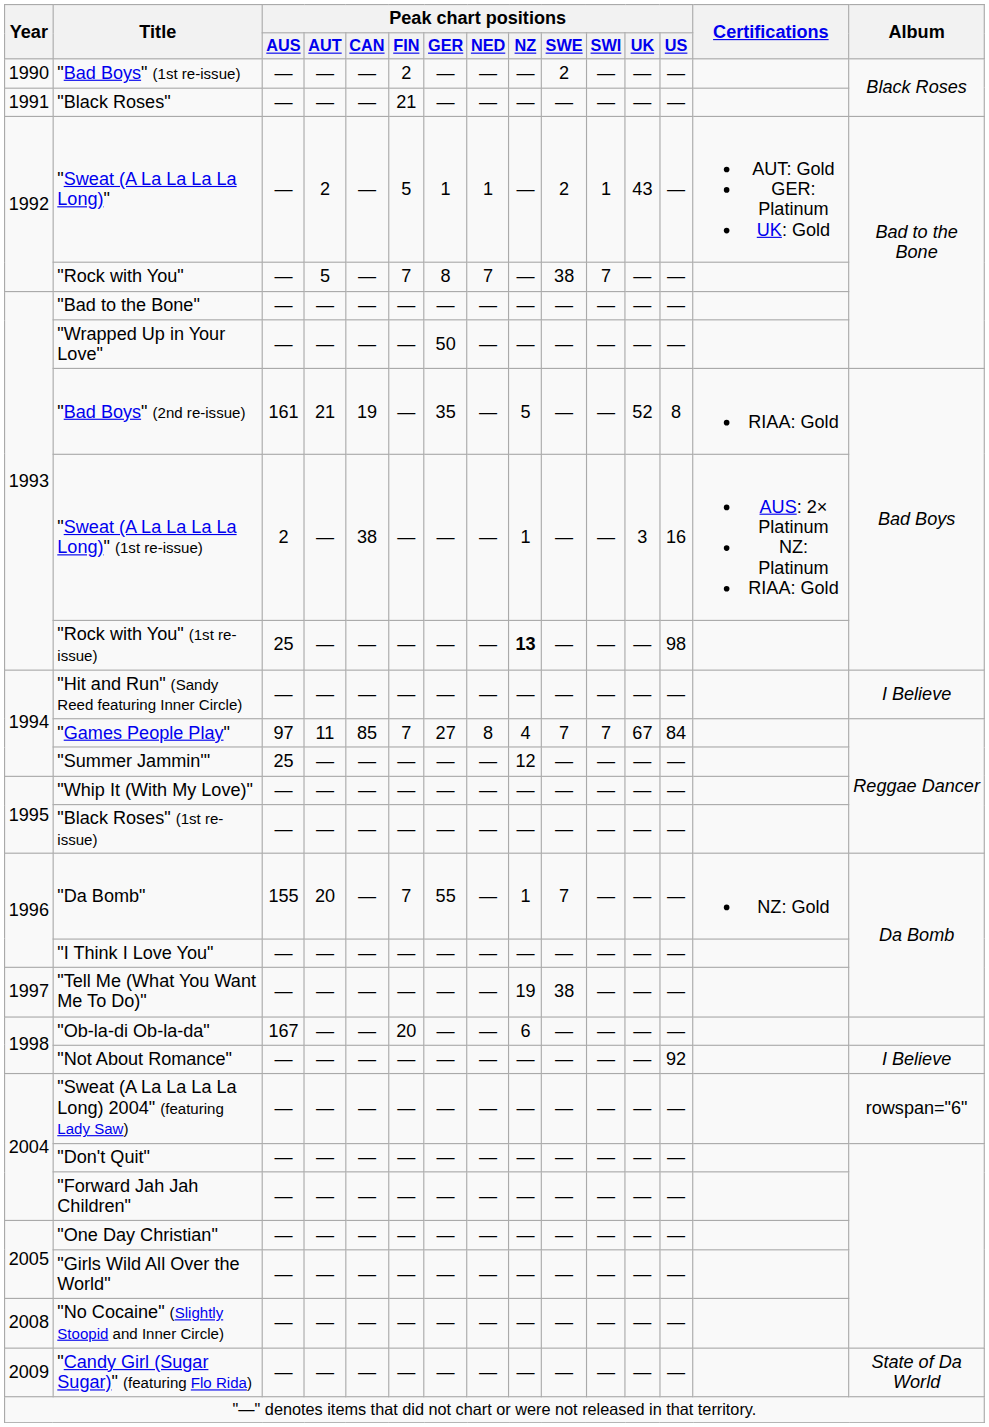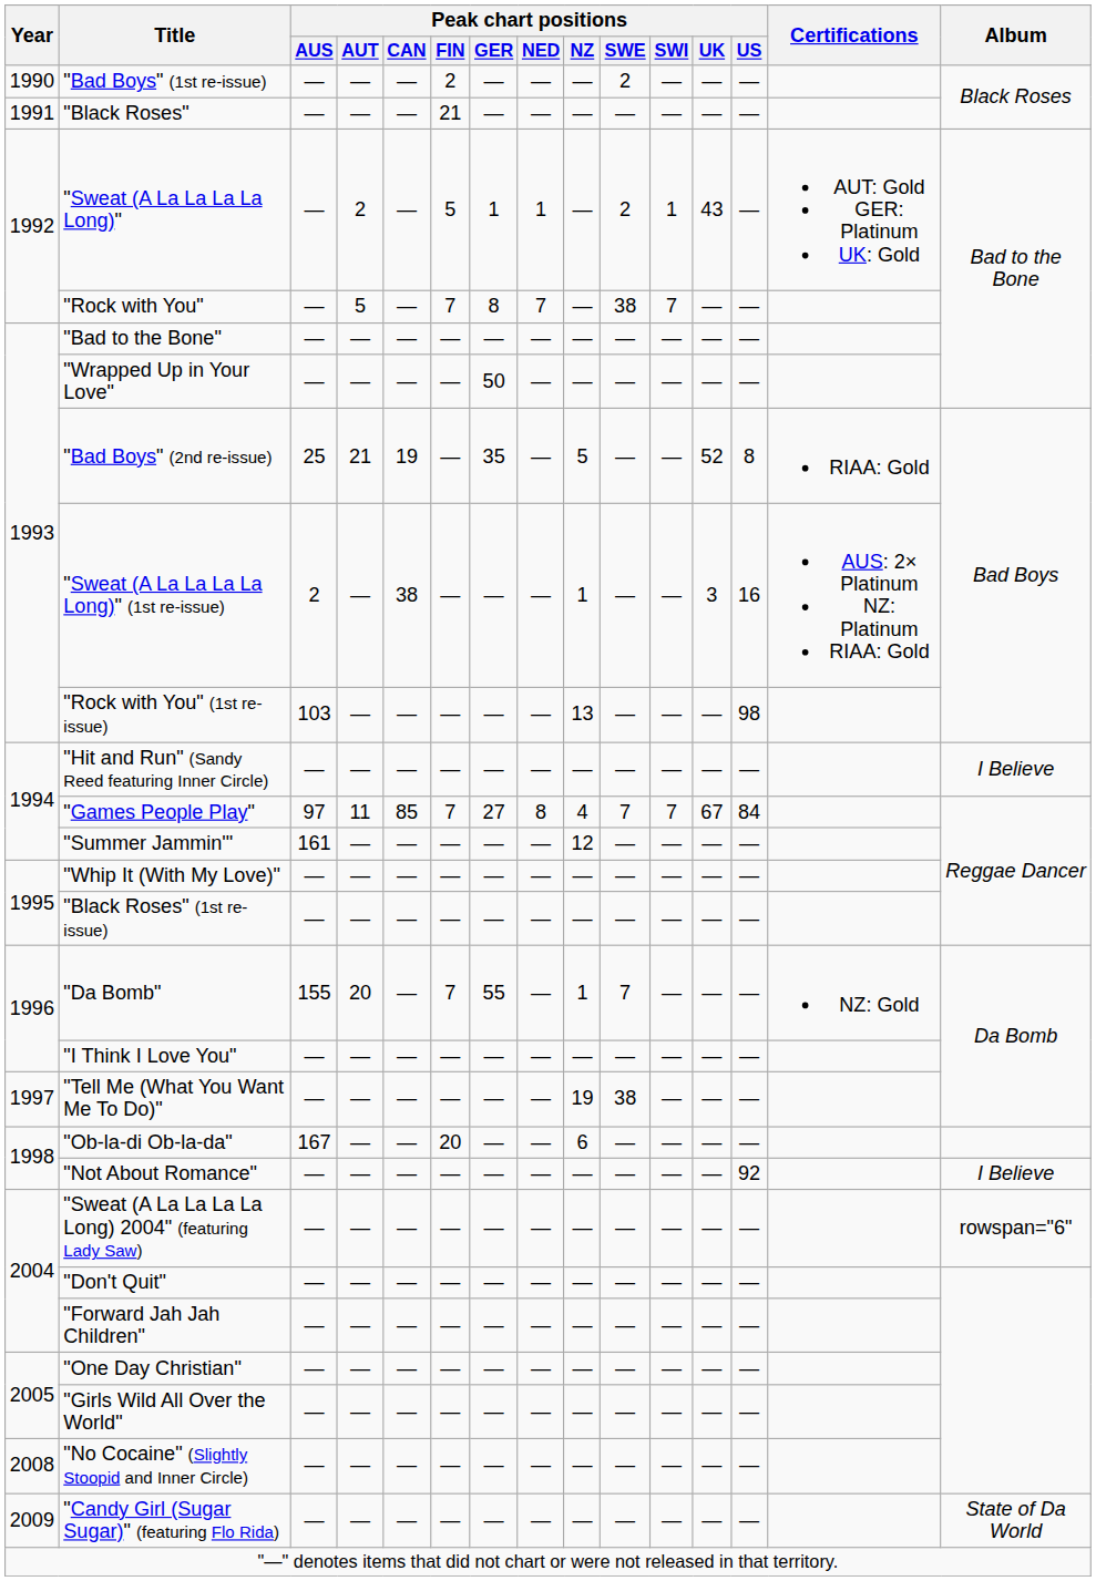 <table class="wikitable" style="text-align:center;">
 <tr>
 <th rowspan="2" style="width:2em;">Year</th>
 <th rowspan="2" style="width:25em;">Title</th>
 <th colspan="11">Peak chart positions</th>
 <th rowspan="2" style="width:12em;"><a href='#'>Certifications</a></th>
 <th rowspan="2" style="width:10em;">Album</th>
 </tr>
 <tr>
 <th style="width:2em;font-size:90%;"><a href='#'>AUS</a><br></th>
 <th style="width:2em;font-size:90%;"><a href='#'>AUT</a><br></th>
 <th style="width:2em;font-size:90%;"><a href='#'>CAN</a><br></th>
 <th style="width:2em;font-size:90%;"><a href='#'>FIN</a><br></th>
 <th style="width:2em;font-size:90%;"><a href='#'>GER</a><br></th>
 <th style="width:2em;font-size:90%;"><a href='#'>NED</a><br></th>
 <th style="width:2em;font-size:90%;"><a href='#'>NZ</a><br></th>
 <th style="width:2em;font-size:90%;"><a href='#'>SWE</a><br></th>
 <th style="width:2em;font-size:90%;"><a href='#'>SWI</a><br></th>
 <th style="width:2em;font-size:90%;"><a href='#'>UK</a><br></th>
 <th style="width:2em;font-size:90%;"><a href='#'>US</a><br></th>
 </tr>
 <tr>
 <td>1990</td>
 <td style="text-align:left;">"<a href='#'>Bad Boys</a>" <small>(1st re-issue)</small></td>
 <td>—</td>
 <td>—</td>
 <td>—</td>
 <td>2</td>
 <td>—</td>
 <td>—</td>
 <td>—</td>
 <td>2</td>
 <td>—</td>
 <td>—</td>
 <td>—</td>
 <td></td>
 <td rowspan="2"><em>Black Roses</em></td>
 </tr>
 <tr>
 <td>1991</td>
 <td style="text-align:left;">"Black Roses"</td>
 <td>—</td>
 <td>—</td>
 <td>—</td>
 <td>21</td>
 <td>—</td>
 <td>—</td>
 <td>—</td>
 <td>—</td>
 <td>—</td>
 <td>—</td>
 <td>—</td>
 <td></td>
 </tr>
 <tr>
 <td rowspan="2">1992</td>
 <td style="text-align:left;">"<a href='#'>Sweat (A La La La La Long)</a>"</td>
 <td>—</td>
 <td>2</td>
 <td>—</td>
 <td>5</td>
 <td>1</td>
 <td>1</td>
 <td>—</td>
 <td>2</td>
 <td>1</td>
 <td>43</td>
 <td>—</td>
 <td><br><ul><li>AUT: Gold</li><li>GER: Platinum</li><li><a href='#'>UK</a>: Gold</li></ul></td>
 <td rowspan="4"><em>Bad to the Bone</em></td>
 </tr>
 <tr>
 <td style="text-align:left;">"Rock with You"</td>
 <td>—</td>
 <td>5</td>
 <td>—</td>
 <td>7</td>
 <td>8</td>
 <td>7</td>
 <td>—</td>
 <td>38</td>
 <td>7</td>
 <td>—</td>
 <td>—</td>
 <td></td>
 </tr>
 <tr>
 <td rowspan="5">1993</td>
 <td style="text-align:left;">"Bad to the Bone"</td>
 <td>—</td>
 <td>—</td>
 <td>—</td>
 <td>—</td>
 <td>—</td>
 <td>—</td>
 <td>—</td>
 <td>—</td>
 <td>—</td>
 <td>—</td>
 <td>—</td>
 <td></td>
 </tr>
 <tr>
 <td style="text-align:left;">"Wrapped Up in Your Love"</td>
 <td>—</td>
 <td>—</td>
 <td>—</td>
 <td>—</td>
 <td>50</td>
 <td>—</td>
 <td>—</td>
 <td>—</td>
 <td>—</td>
 <td>—</td>
 <td>—</td>
 <td></td>
 </tr>
 <tr>
 <td style="text-align:left;">"<a href='#'>Bad Boys</a>" <small>(2nd re-issue)</small></td>
-<td>161</td>
+<td>25</td>
 <td>21</td>
 <td>19</td>
 <td>—</td>
 <td>35</td>
 <td>—</td>
 <td>5</td>
 <td>—</td>
 <td>—</td>
 <td>52</td>
 <td>8</td>
 <td><br><ul><li>RIAA: Gold</li></ul></td>
 <td rowspan="3"><em>Bad Boys</em></td>
 </tr>
 <tr>
 <td style="text-align:left;">"<a href='#'>Sweat (A La La La La Long)</a>" <small>(1st re-issue)</small></td>
 <td>2</td>
 <td>—</td>
 <td>38</td>
 <td>—</td>
 <td>—</td>
 <td>—</td>
 <td>1</td>
 <td>—</td>
 <td>—</td>
 <td>3</td>
 <td>16</td>
 <td><br><ul><li><a href='#'>AUS</a>: 2× Platinum</li><li>NZ: Platinum</li><li>RIAA: Gold</li></ul></td>
 </tr>
 <tr>
 <td style="text-align:left;">"Rock with You" <small>(1st re-issue)</small></td>
-<td>25</td>
+<td>103</td>
 <td>—</td>
 <td>—</td>
 <td>—</td>
 <td>—</td>
 <td>—</td>
-<td><strong>13</strong></td>
+<td>13</td>
 <td>—</td>
 <td>—</td>
 <td>—</td>
 <td>98</td>
 <td></td>
 </tr>
 <tr>
 <td rowspan="3">1994</td>
 <td style="text-align:left;">"Hit and Run" <small>(Sandy Reed featuring Inner Circle)</small></td>
 <td>—</td>
 <td>—</td>
 <td>—</td>
 <td>—</td>
 <td>—</td>
 <td>—</td>
 <td>—</td>
 <td>—</td>
 <td>—</td>
 <td>—</td>
 <td>—</td>
 <td></td>
 <td><em>I Believe</em></td>
 </tr>
 <tr>
 <td style="text-align:left;">"<a href='#'>Games People Play</a>"</td>
 <td>97</td>
 <td>11</td>
 <td>85</td>
 <td>7</td>
 <td>27</td>
 <td>8</td>
 <td>4</td>
 <td>7</td>
 <td>7</td>
 <td>67</td>
 <td>84</td>
 <td></td>
 <td rowspan="4"><em>Reggae Dancer</em></td>
 </tr>
 <tr>
 <td style="text-align:left;">"Summer Jammin'"</td>
-<td>25</td>
+<td>161</td>
 <td>—</td>
 <td>—</td>
 <td>—</td>
 <td>—</td>
 <td>—</td>
 <td>12</td>
 <td>—</td>
 <td>—</td>
 <td>—</td>
 <td>—</td>
 <td></td>
 </tr>
 <tr>
 <td rowspan="2">1995</td>
 <td style="text-align:left;">"Whip It (With My Love)"</td>
 <td>—</td>
 <td>—</td>
 <td>—</td>
 <td>—</td>
 <td>—</td>
 <td>—</td>
 <td>—</td>
 <td>—</td>
 <td>—</td>
 <td>—</td>
 <td>—</td>
 <td></td>
 </tr>
 <tr>
 <td style="text-align:left;">"Black Roses" <small>(1st re-issue)</small></td>
 <td>—</td>
 <td>—</td>
 <td>—</td>
 <td>—</td>
 <td>—</td>
 <td>—</td>
 <td>—</td>
 <td>—</td>
 <td>—</td>
 <td>—</td>
 <td>—</td>
 <td></td>
 </tr>
 <tr>
 <td rowspan="2">1996</td>
 <td style="text-align:left;">"Da Bomb"</td>
 <td>155</td>
 <td>20</td>
 <td>—</td>
 <td>7</td>
 <td>55</td>
 <td>—</td>
 <td>1</td>
 <td>7</td>
 <td>—</td>
 <td>—</td>
 <td>—</td>
 <td><br><ul><li>NZ: Gold</li></ul></td>
 <td rowspan="3"><em>Da Bomb</em></td>
 </tr>
 <tr>
 <td style="text-align:left;">"I Think I Love You"</td>
 <td>—</td>
 <td>—</td>
 <td>—</td>
 <td>—</td>
 <td>—</td>
 <td>—</td>
 <td>—</td>
 <td>—</td>
 <td>—</td>
 <td>—</td>
 <td>—</td>
 <td></td>
 </tr>
 <tr>
 <td>1997</td>
 <td style="text-align:left;">"Tell Me (What You Want Me To Do)"</td>
 <td>—</td>
 <td>—</td>
 <td>—</td>
 <td>—</td>
 <td>—</td>
 <td>—</td>
 <td>19</td>
 <td>38</td>
 <td>—</td>
 <td>—</td>
 <td>—</td>
 <td></td>
 </tr>
 <tr>
 <td rowspan="2">1998</td>
 <td style="text-align:left;">"Ob-la-di Ob-la-da"</td>
 <td>167</td>
 <td>—</td>
 <td>—</td>
 <td>20</td>
 <td>—</td>
 <td>—</td>
 <td>6</td>
 <td>—</td>
 <td>—</td>
 <td>—</td>
 <td>—</td>
 <td></td>
 <td></td>
 </tr>
 <tr>
 <td style="text-align:left;">"Not About Romance"</td>
 <td>—</td>
 <td>—</td>
 <td>—</td>
 <td>—</td>
 <td>—</td>
 <td>—</td>
 <td>—</td>
 <td>—</td>
 <td>—</td>
 <td>—</td>
 <td>92</td>
 <td></td>
 <td><em>I Believe</em></td>
 </tr>
 <tr>
 <td rowspan="3">2004</td>
 <td style="text-align:left;">"Sweat (A La La La La Long) 2004" <small>(featuring <a href='#'>Lady Saw</a>)</small></td>
 <td>—</td>
 <td>—</td>
 <td>—</td>
 <td>—</td>
 <td>—</td>
 <td>—</td>
 <td>—</td>
 <td>—</td>
 <td>—</td>
 <td>—</td>
 <td>—</td>
 <td></td>
 <td>rowspan="6" </td>
 </tr>
 <tr>
 <td style="text-align:left;">"Don't Quit"</td>
 <td>—</td>
 <td>—</td>
 <td>—</td>
 <td>—</td>
 <td>—</td>
 <td>—</td>
 <td>—</td>
 <td>—</td>
 <td>—</td>
 <td>—</td>
 <td>—</td>
 <td></td>
 </tr>
 <tr>
 <td style="text-align:left;">"Forward Jah Jah Children"</td>
 <td>—</td>
 <td>—</td>
 <td>—</td>
 <td>—</td>
 <td>—</td>
 <td>—</td>
 <td>—</td>
 <td>—</td>
 <td>—</td>
 <td>—</td>
 <td>—</td>
 <td></td>
 </tr>
 <tr>
 <td rowspan="2">2005</td>
 <td style="text-align:left;">"One Day Christian"</td>
 <td>—</td>
 <td>—</td>
 <td>—</td>
 <td>—</td>
 <td>—</td>
 <td>—</td>
 <td>—</td>
 <td>—</td>
 <td>—</td>
 <td>—</td>
 <td>—</td>
 <td></td>
 </tr>
 <tr>
 <td style="text-align:left;">"Girls Wild All Over the World"</td>
 <td>—</td>
 <td>—</td>
 <td>—</td>
 <td>—</td>
 <td>—</td>
 <td>—</td>
 <td>—</td>
 <td>—</td>
 <td>—</td>
 <td>—</td>
 <td>—</td>
 <td></td>
 </tr>
 <tr>
 <td>2008</td>
 <td style="text-align:left;">"No Cocaine" <small>(<a href='#'>Slightly Stoopid</a> and Inner Circle)</small></td>
 <td>—</td>
 <td>—</td>
 <td>—</td>
 <td>—</td>
 <td>—</td>
 <td>—</td>
 <td>—</td>
 <td>—</td>
 <td>—</td>
 <td>—</td>
 <td>—</td>
 <td></td>
 </tr>
 <tr>
 <td>2009</td>
 <td style="text-align:left;">"<a href='#'>Candy Girl (Sugar Sugar)</a>" <small>(featuring <a href='#'>Flo Rida</a>)</small></td>
 <td>—</td>
 <td>—</td>
 <td>—</td>
 <td>—</td>
 <td>—</td>
 <td>—</td>
 <td>—</td>
 <td>—</td>
 <td>—</td>
 <td>—</td>
 <td>—</td>
 <td></td>
 <td><em>State of Da World</em></td>
 </tr>
 <tr>
 <td colspan="15" style="font-size:90%">"—" denotes items that did not chart or were not released in that territory.</td>
 </tr>
 </table>
